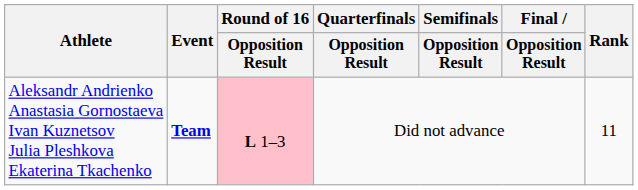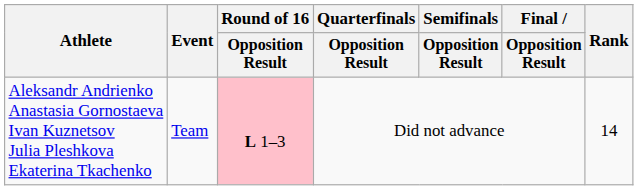 <table class=wikitable style="text-align:center; font-size:90%">
 <tr>
 <th rowspan=2>Athlete</th>
 <th rowspan=2>Event</th>
 <th>Round of 16</th>
 <th>Quarterfinals</th>
 <th>Semifinals</th>
 <th>Final / </th>
 <th rowspan=2>Rank</th>
 </tr>
 <tr style="font-size:95%">
 <th>Opposition<br>Result</th>
 <th>Opposition<br>Result</th>
 <th>Opposition<br>Result</th>
 <th>Opposition<br>Result</th>
 </tr>
 <tr>
 <td align=left><a href='#'>Aleksandr Andrienko</a><br><a href='#'>Anastasia Gornostaeva</a><br><a href='#'>Ivan Kuznetsov</a><br><a href='#'>Julia Pleshkova</a><br><a href='#'>Ekaterina Tkachenko</a></td>
-<td align=left><strong><a href='#'>Team</a></strong></td>
+<td align=left><a href='#'>Team</a></td>
 <td style="background: pink;"><br><strong>L</strong> 1–3</td>
 <td colspan=3>Did not advance</td>
-<td>11</td>
+<td>14</td>
 </tr>
 </table>
